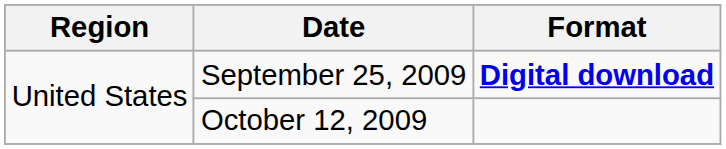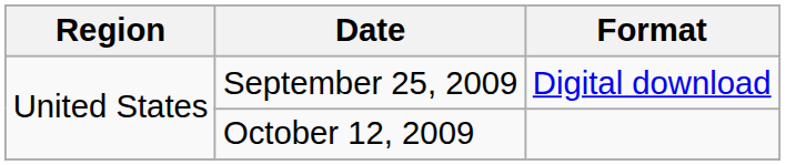 <table class="wikitable">
 <tr>
 <th>Region</th>
 <th>Date</th>
 <th>Format</th>
 </tr>
 <tr>
 <td rowspan="2">United States</td>
 <td>September 25, 2009</td>
-<td><strong><a href='#'>Digital download</a></strong></td>
+<td><a href='#'>Digital download</a></td>
 </tr>
 <tr>
 <td>October 12, 2009</td>
 <td></td>
 </tr>
 </table>
